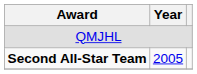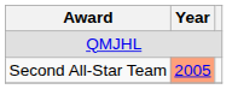 <table class="wikitable">
 <tr>
 <th>Award</th>
 <th>Year</th>
 <th></th>
 </tr>
 <tr ALIGN="center" bgcolor="#e0e0e0">
 <td colspan="3"><a href='#'>QMJHL</a></td>
 </tr>
 <tr>
-<td><strong>Second All-Star Team</strong></td>
-<td><a href='#'>2005</a></td>
+<td>Second All-Star Team</td>
+<td style="background: lightsalmon;"><a href='#'>2005</a></td>
 <td></td>
 </tr>
 <tr>
 </tr>
 </table>
